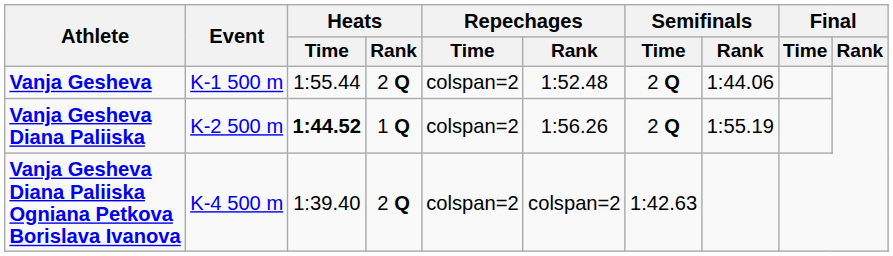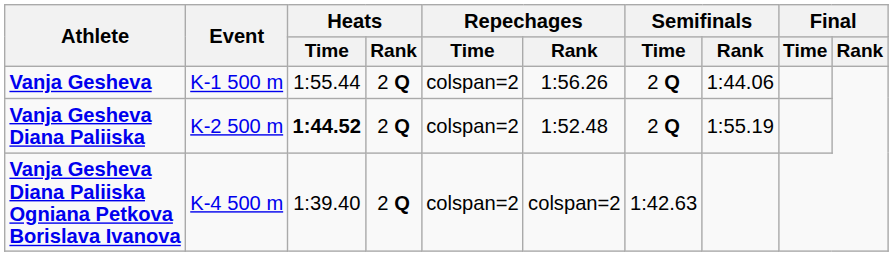 <table class="wikitable" style="font-size:90%; text-align:center;">
 <tr>
 <th rowspan=2>Athlete</th>
 <th rowspan=2>Event</th>
 <th colspan=2>Heats</th>
 <th colspan=2>Repechages</th>
 <th colspan=2>Semifinals</th>
 <th colspan=2>Final</th>
 </tr>
 <tr style="font-size:95%">
 <th>Time</th>
 <th>Rank</th>
 <th>Time</th>
 <th>Rank</th>
 <th>Time</th>
 <th>Rank</th>
 <th>Time</th>
 <th>Rank</th>
 </tr>
 <tr>
 <td align=left><strong><a href='#'>Vanja Gesheva</a></strong></td>
 <td align=left><a href='#'>K-1 500 m</a></td>
 <td>1:55.44</td>
 <td>2 <strong>Q</strong></td>
 <td>colspan=2 </td>
-<td>1:52.48</td>
+<td>1:56.26</td>
 <td>2 <strong>Q</strong></td>
 <td>1:44.06</td>
 <td></td>
 </tr>
 <tr>
 <td align=left><strong><a href='#'>Vanja Gesheva</a><br><a href='#'>Diana Paliiska</a></strong></td>
 <td align=left><a href='#'>K-2 500 m</a></td>
 <td><strong>1:44.52</strong></td>
-<td>1 <strong>Q</strong></td>
+<td>2 <strong>Q</strong></td>
 <td>colspan=2 </td>
-<td>1:56.26</td>
+<td>1:52.48</td>
 <td>2 <strong>Q</strong></td>
 <td>1:55.19</td>
 <td></td>
 </tr>
 <tr>
 <td align=left><strong><a href='#'>Vanja Gesheva</a><br><a href='#'>Diana Paliiska</a><br><a href='#'>Ogniana Petkova</a><br><a href='#'>Borislava Ivanova</a></strong></td>
 <td align=left><a href='#'>K-4 500 m</a></td>
 <td>1:39.40</td>
 <td>2 <strong>Q</strong></td>
 <td>colspan=2 </td>
 <td>colspan=2 </td>
 <td>1:42.63</td>
 <td></td>
 </tr>
 </table>
